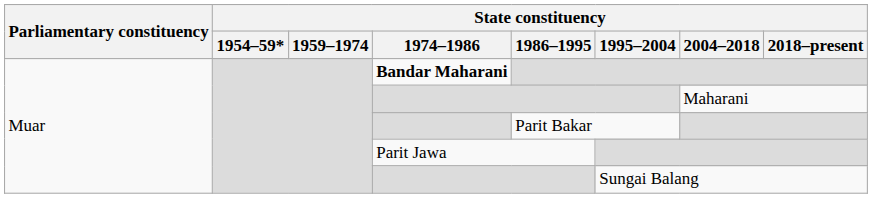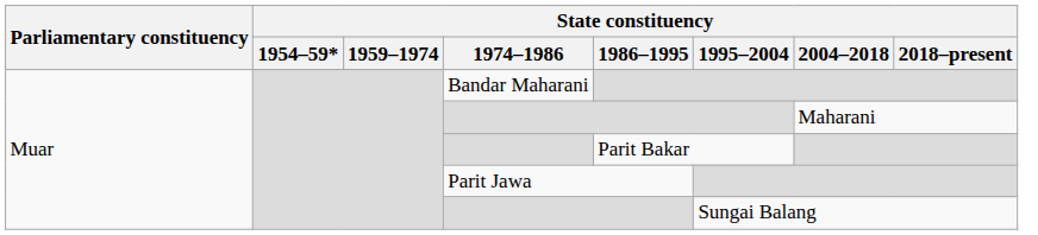 <table class="wikitable">
 <tr>
 <th rowspan="2">Parliamentary constituency</th>
 <th colspan="7">State constituency</th>
 </tr>
 <tr>
 <th>1954–59*</th>
 <th>1959–1974</th>
 <th>1974–1986</th>
 <th>1986–1995</th>
 <th>1995–2004</th>
 <th>2004–2018</th>
 <th>2018–present</th>
 </tr>
 <tr>
 <td rowspan="5">Muar</td>
 <td colspan="2" rowspan="5" bgcolor="dcdcdc"></td>
-<td><strong>Bandar Maharani</strong></td>
+<td>Bandar Maharani</td>
 <td colspan="4" bgcolor="dcdcdc"></td>
 </tr>
 <tr>
 <td colspan="3" bgcolor="dcdcdc"></td>
 <td colspan="2">Maharani</td>
 </tr>
 <tr>
 <td bgcolor="dcdcdc"></td>
 <td colspan="2">Parit Bakar</td>
 <td colspan="2" bgcolor="dcdcdc"></td>
 </tr>
 <tr>
 <td colspan="2">Parit Jawa</td>
 <td colspan="3" bgcolor="dcdcdc"></td>
 </tr>
 <tr>
 <td colspan="2" bgcolor="dcdcdc"></td>
 <td colspan="3">Sungai Balang</td>
 </tr>
 </table>
